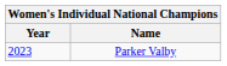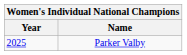 <table class="wikitable">
 <tr>
 <th colspan="3">Women's Individual National Champions</th>
 </tr>
 <tr>
 <th scope="col">Year</th>
 <th scope="col">Name</th>
 </tr>
 <tr>
-<td><a href='#'>2023</a></td>
+<td><a href='#'>2025</a></td>
 <td style="text-align: center;"><a href='#'>Parker Valby</a></td>
 </tr>
 </table>
